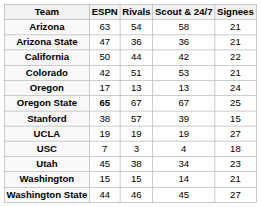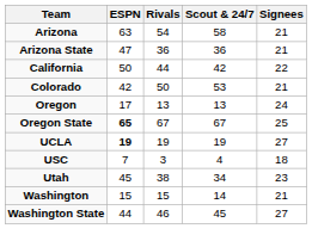 <table class="wikitable">
 <tr>
 <th>Team</th>
 <th>ESPN</th>
 <th>Rivals</th>
 <th>Scout & 24/7</th>
 <th>Signees</th>
 </tr>
 <tr style="text-align:center;">
 <td><strong>Arizona</strong></td>
 <td style="text-align:center; background:white">63</td>
 <td style="text-align:center; background:white">54</td>
 <td style="text-align:center; background:white">58</td>
 <td style="text-align:center; background:white">21</td>
 </tr>
 <tr style="text-align:center;">
 <td><strong>Arizona State</strong></td>
 <td style="text-align:center; background:white">47</td>
 <td style="text-align:center; background:white">36</td>
 <td style="text-align:center; background:white">36</td>
 <td style="text-align:center; background:white">21</td>
 </tr>
 <tr style="text-align:center;">
 <td><strong>California</strong></td>
 <td style="text-align:center; background:white">50</td>
 <td style="text-align:center; background:white">44</td>
 <td style="text-align:center; background:white">42</td>
 <td style="text-align:center; background:white">22</td>
 </tr>
 <tr style="text-align:center;">
 <td><strong>Colorado</strong></td>
 <td style="text-align:center; background:white">42</td>
-<td style="text-align:center; background:white">51</td>
+<td style="text-align:center; background:white">50</td>
 <td style="text-align:center; background:white">53</td>
 <td style="text-align:center; background:white">21</td>
 </tr>
 <tr style="text-align:center;">
 <td><strong>Oregon</strong></td>
 <td style="text-align:center; background:white">17</td>
 <td style="text-align:center; background:white">13</td>
 <td style="text-align:center; background:white">13</td>
 <td style="text-align:center; background:white">24</td>
 </tr>
 <tr style="text-align:center;">
 <td><strong>Oregon State</strong></td>
 <td style="text-align:center; background:white"><strong>65</strong></td>
 <td style="text-align:center; background:white">67</td>
 <td style="text-align:center; background:white">67</td>
 <td style="text-align:center; background:white">25</td>
 </tr>
 <tr style="text-align:center;">
-<td><strong>Stanford</strong></td>
-<td style="text-align:center; background:white">38</td>
-<td style="text-align:center; background:white">57</td>
-<td style="text-align:center; background:white">39</td>
-<td style="text-align:center; background:white">15</td>
-</tr>
-<tr style="text-align:center;">
 <td><strong>UCLA</strong></td>
-<td style="text-align:center; background:white">19</td>
+<td style="text-align:center; background:white"><strong>19</strong></td>
 <td style="text-align:center; background:white">19</td>
 <td style="text-align:center; background:white">19</td>
 <td style="text-align:center; background:white">27</td>
 </tr>
 <tr style="text-align:center;">
 <td><strong>USC</strong></td>
 <td style="text-align:center; background:white">7</td>
 <td style="text-align:center; background:white">3</td>
 <td style="text-align:center; background:white">4</td>
 <td style="text-align:center; background:white">18</td>
 </tr>
 <tr style="text-align:center;">
 <td><strong>Utah</strong></td>
 <td style="text-align:center; background:white">45</td>
 <td style="text-align:center; background:white">38</td>
 <td style="text-align:center; background:white">34</td>
 <td style="text-align:center; background:white">23</td>
 </tr>
 <tr style="text-align:center;">
 <td><strong>Washington</strong></td>
 <td style="text-align:center; background:white">15</td>
 <td style="text-align:center; background:white">15</td>
 <td style="text-align:center; background:white">14</td>
 <td style="text-align:center; background:white">21</td>
 </tr>
 <tr style="text-align:center;">
 <td><strong>Washington State</strong></td>
 <td style="text-align:center; background:white">44</td>
 <td style="text-align:center; background:white">46</td>
 <td style="text-align:center; background:white">45</td>
 <td style="text-align:center; background:white">27</td>
 </tr>
 </table>
